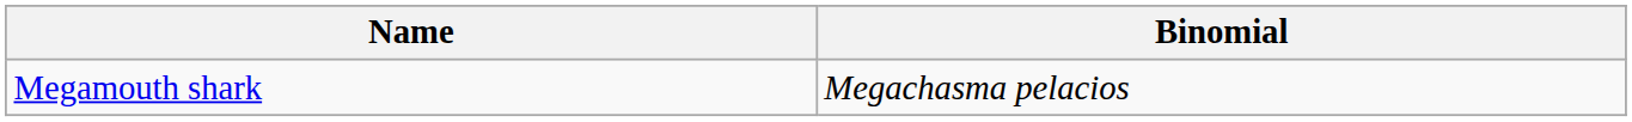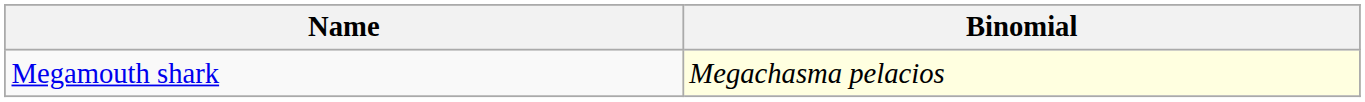 <table width=60% class="wikitable">
 <tr>
 <th width=20%>Name</th>
 <th width=20%>Binomial</th>
 </tr>
 <tr>
 <td><a href='#'>Megamouth shark</a><br></td>
-<td><em>Megachasma pelacios</em></td>
+<td style="background: lightyellow;"><em>Megachasma pelacios</em></td>
 </tr>
 </table>
